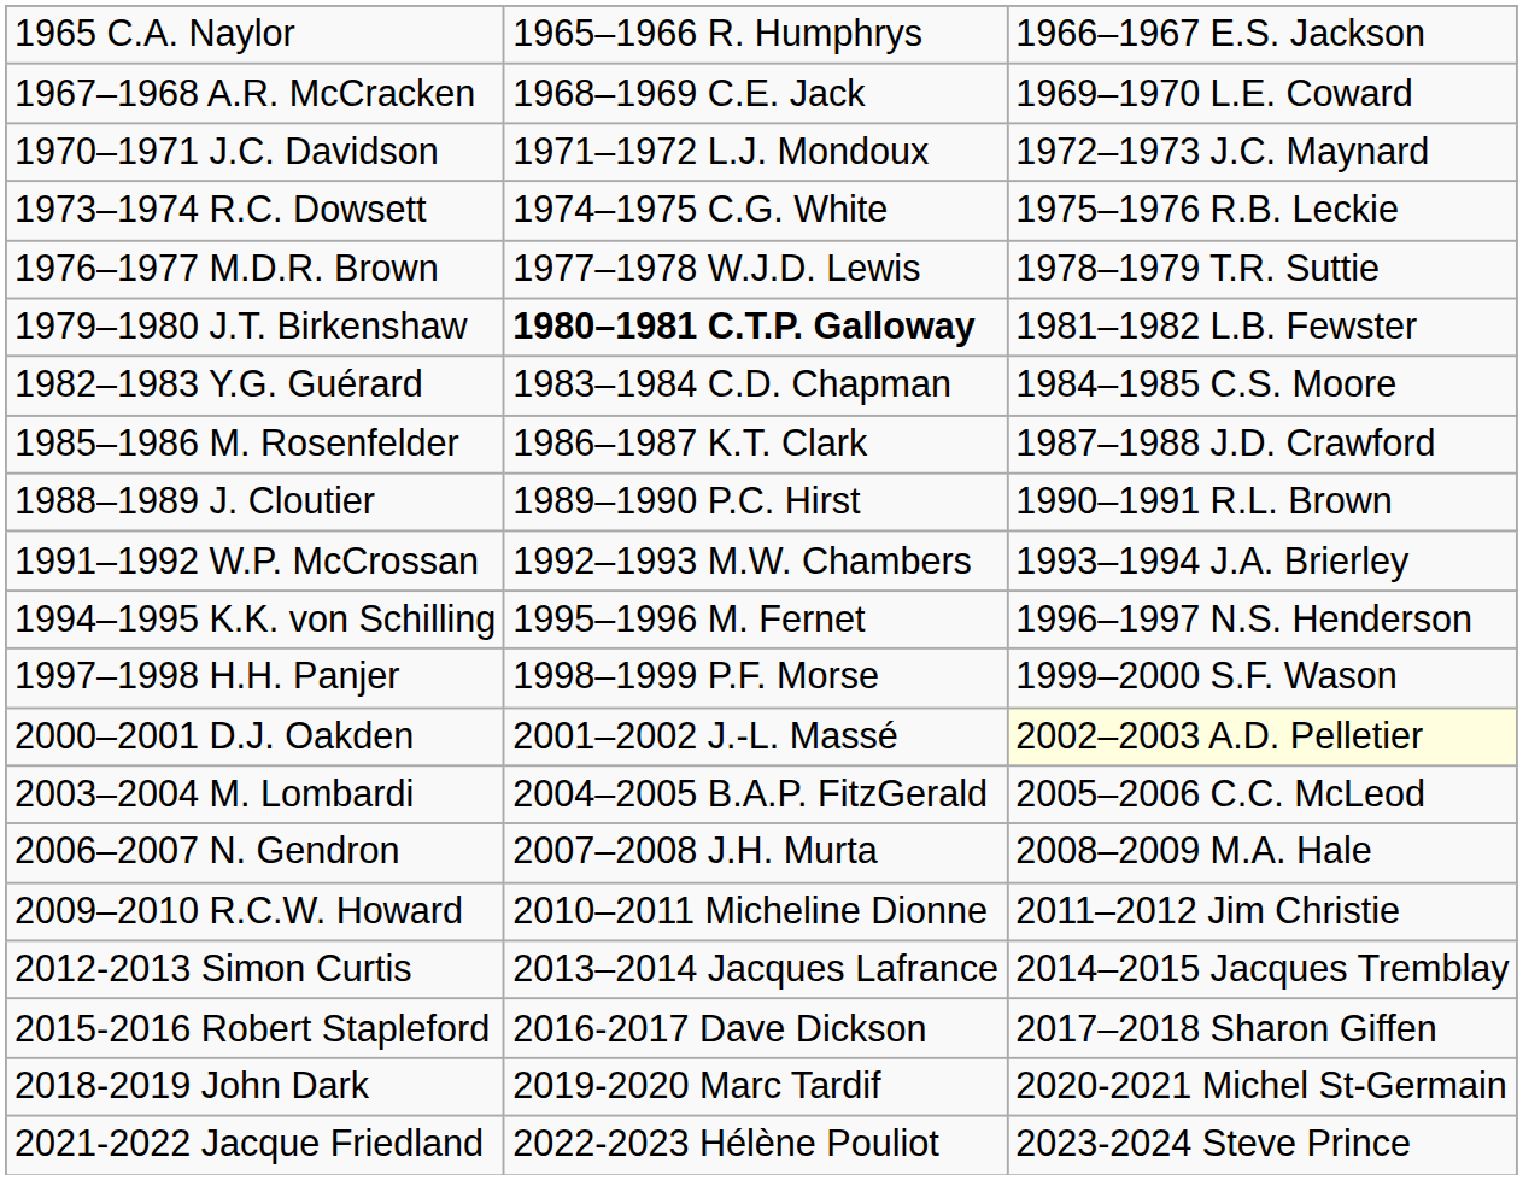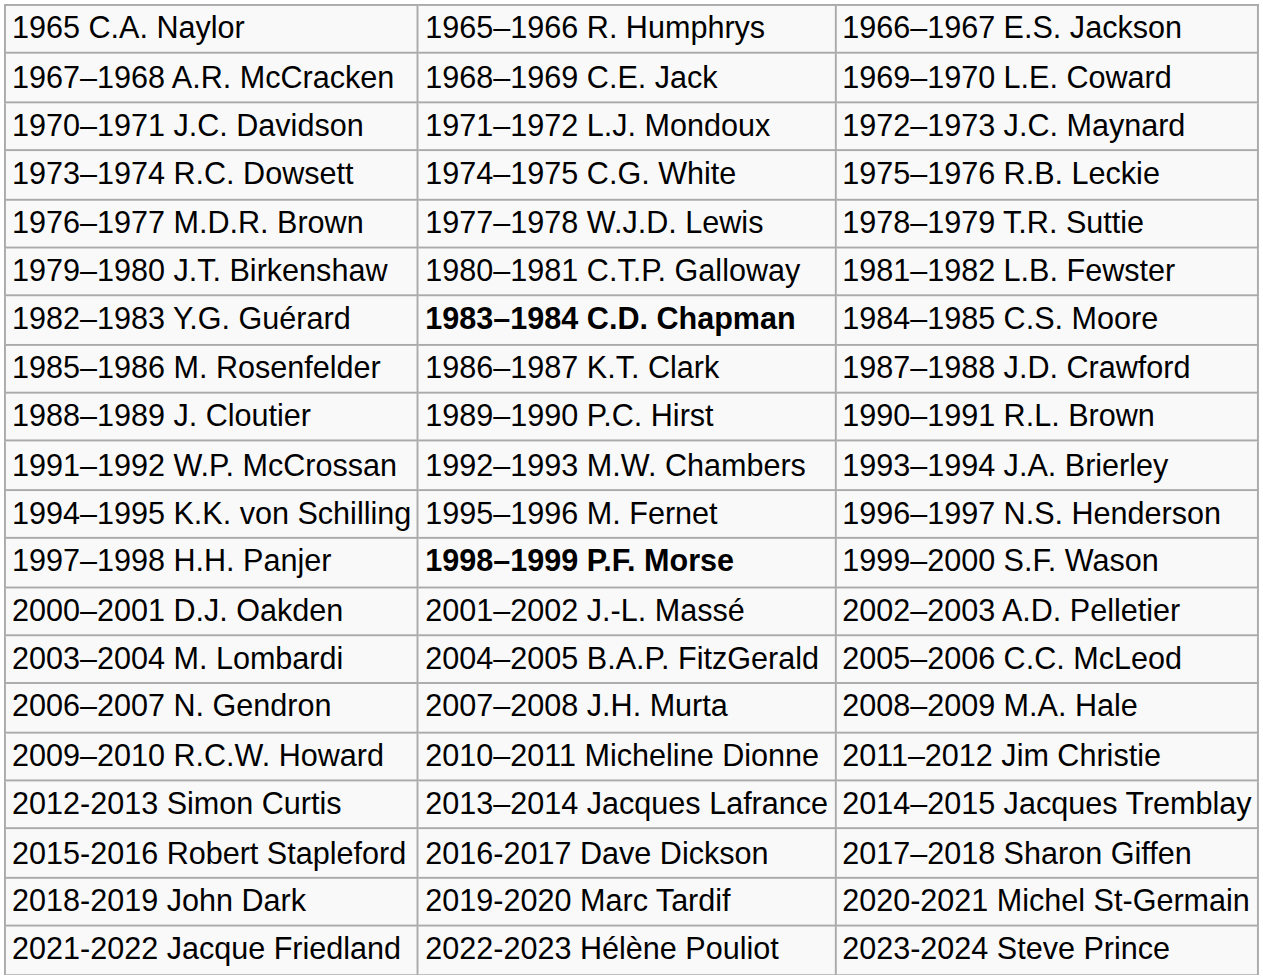 <table class="wikitable">
 <tr>
 <td>1965 C.A. Naylor</td>
 <td>1965–1966 R. Humphrys</td>
 <td>1966–1967 E.S. Jackson</td>
 </tr>
 <tr>
 <td>1967–1968 A.R. McCracken</td>
 <td>1968–1969 C.E. Jack</td>
 <td>1969–1970 L.E. Coward</td>
 </tr>
 <tr>
 <td>1970–1971 J.C. Davidson</td>
 <td>1971–1972 L.J. Mondoux</td>
 <td>1972–1973 J.C. Maynard</td>
 </tr>
 <tr>
 <td>1973–1974 R.C. Dowsett</td>
 <td>1974–1975 C.G. White</td>
 <td>1975–1976 R.B. Leckie</td>
 </tr>
 <tr>
 <td>1976–1977 M.D.R. Brown</td>
 <td>1977–1978 W.J.D. Lewis</td>
 <td>1978–1979 T.R. Suttie</td>
 </tr>
 <tr>
 <td>1979–1980 J.T. Birkenshaw</td>
-<td><strong>1980–1981 C.T.P. Galloway</strong></td>
+<td>1980–1981 C.T.P. Galloway</td>
 <td>1981–1982 L.B. Fewster</td>
 </tr>
 <tr>
 <td>1982–1983 Y.G. Guérard</td>
-<td>1983–1984 C.D. Chapman</td>
+<td><strong>1983–1984 C.D. Chapman</strong></td>
 <td>1984–1985 C.S. Moore</td>
 </tr>
 <tr>
 <td>1985–1986 M. Rosenfelder</td>
 <td>1986–1987 K.T. Clark</td>
 <td>1987–1988 J.D. Crawford</td>
 </tr>
 <tr>
 <td>1988–1989 J. Cloutier</td>
 <td>1989–1990 P.C. Hirst</td>
 <td>1990–1991 R.L. Brown</td>
 </tr>
 <tr>
 <td>1991–1992 W.P. McCrossan</td>
 <td>1992–1993 M.W. Chambers</td>
 <td>1993–1994 J.A. Brierley</td>
 </tr>
 <tr>
 <td>1994–1995 K.K. von Schilling</td>
 <td>1995–1996 M. Fernet</td>
 <td>1996–1997 N.S. Henderson</td>
 </tr>
 <tr>
 <td>1997–1998 H.H. Panjer</td>
-<td>1998–1999 P.F. Morse</td>
+<td><strong>1998–1999 P.F. Morse</strong></td>
 <td>1999–2000 S.F. Wason</td>
 </tr>
 <tr>
 <td>2000–2001 D.J. Oakden</td>
 <td>2001–2002 J.-L. Massé</td>
-<td style="background: lightyellow;">2002–2003 A.D. Pelletier</td>
+<td>2002–2003 A.D. Pelletier</td>
 </tr>
 <tr>
 <td>2003–2004 M. Lombardi</td>
 <td>2004–2005 B.A.P. FitzGerald</td>
 <td>2005–2006 C.C. McLeod</td>
 </tr>
 <tr>
 <td>2006–2007 N. Gendron</td>
 <td>2007–2008 J.H. Murta</td>
 <td>2008–2009 M.A. Hale</td>
 </tr>
 <tr>
 <td>2009–2010 R.C.W. Howard</td>
 <td>2010–2011 Micheline Dionne</td>
 <td>2011–2012 Jim Christie</td>
 </tr>
 <tr>
 <td>2012-2013 Simon Curtis</td>
 <td>2013–2014 Jacques Lafrance</td>
 <td>2014–2015 Jacques Tremblay</td>
 </tr>
 <tr>
 <td>2015-2016 Robert Stapleford</td>
 <td>2016-2017 Dave Dickson</td>
 <td>2017–2018 Sharon Giffen</td>
 </tr>
 <tr>
 <td>2018-2019 John Dark</td>
 <td>2019-2020 Marc Tardif</td>
 <td>2020-2021 Michel St-Germain</td>
 </tr>
 <tr>
 <td>2021-2022 Jacque Friedland</td>
 <td>2022-2023 Hélène Pouliot</td>
 <td>2023-2024 Steve Prince</td>
 </tr>
 </table>
